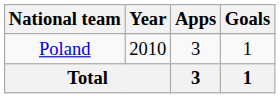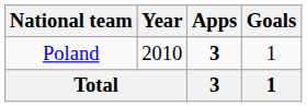 <table class="wikitable" style="text-align:center">
 <tr>
 <th>National team</th>
 <th>Year</th>
 <th>Apps</th>
 <th>Goals</th>
 </tr>
 <tr>
 <td rowspan=2><a href='#'>Poland</a></td>
 </tr>
 <tr>
 <td>2010</td>
-<td>3</td>
+<td><strong>3</strong></td>
 <td>1</td>
 </tr>
 <tr>
 <th colspan="2">Total</th>
 <th>3</th>
 <th>1</th>
 </tr>
 </table>
